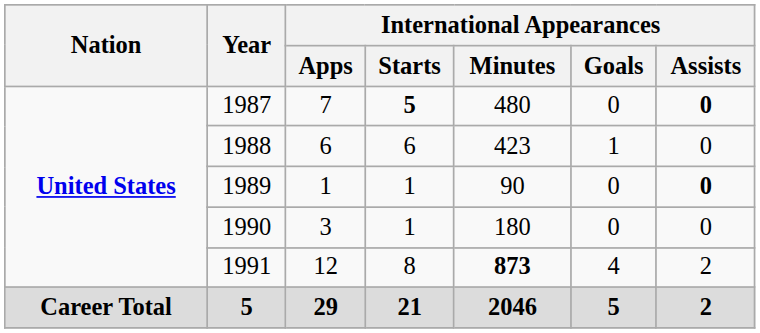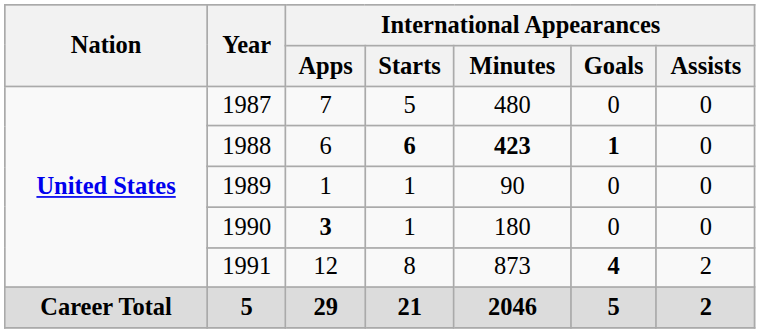 <table class="wikitable" style=font-size:90% text-align: center width=35%>
 <tr>
 <th rowspan=2 width=20%>Nation</th>
 <th rowspan=2 width=7%>Year</th>
 <th colspan=5 width=30%>International Appearances</th>
 </tr>
 <tr>
 <th align=center>Apps</th>
 <th align=center>Starts</th>
 <th align=center>Minutes</th>
 <th align=center>Goals</th>
 <th align=center>Assists</th>
 </tr>
 <tr>
 <td rowspan=5 align=center><strong><a href='#'>United States</a></strong></td>
 <td align=center>1987</td>
 <td align=center>7</td>
-<td align=center><strong>5</strong></td>
+<td align=center>5</td>
 <td align=center>480</td>
 <td align=center>0</td>
-<td align=center><strong>0</strong></td>
+<td align=center>0</td>
 </tr>
 <tr>
 <td align=center>1988</td>
 <td align=center>6</td>
-<td align=center>6</td>
-<td align=center>423</td>
-<td align=center>1</td>
+<td align=center><strong>6</strong></td>
+<td align=center><strong>423</strong></td>
+<td align=center><strong>1</strong></td>
 <td align=center>0</td>
 </tr>
 <tr>
 <td align=center>1989</td>
 <td align=center>1</td>
 <td align=center>1</td>
 <td align=center>90</td>
 <td align=center>0</td>
-<td align=center><strong>0</strong></td>
+<td align=center>0</td>
 </tr>
 <tr>
 <td align=center>1990</td>
-<td align=center>3</td>
+<td align=center><strong>3</strong></td>
 <td align=center>1</td>
 <td align=center>180</td>
 <td align=center>0</td>
 <td align=center>0</td>
 </tr>
 <tr>
 <td align=center>1991</td>
 <td align=center>12</td>
 <td align=center>8</td>
-<td align=center><strong>873</strong></td>
-<td align=center>4</td>
+<td align=center>873</td>
+<td align=center><strong>4</strong></td>
 <td align=center>2</td>
 </tr>
 <tr>
 <th style="background: #DCDCDC" align=center>Career Total</th>
 <th style="background: #DCDCDC" align=center>5</th>
 <th style="background: #DCDCDC" align=center>29</th>
 <th style="background: #DCDCDC" align=center>21</th>
 <th style="background: #DCDCDC" align=center>2046</th>
 <th style="background: #DCDCDC" align=center>5</th>
 <th style="background: #DCDCDC" align=center>2</th>
 </tr>
 </table>
